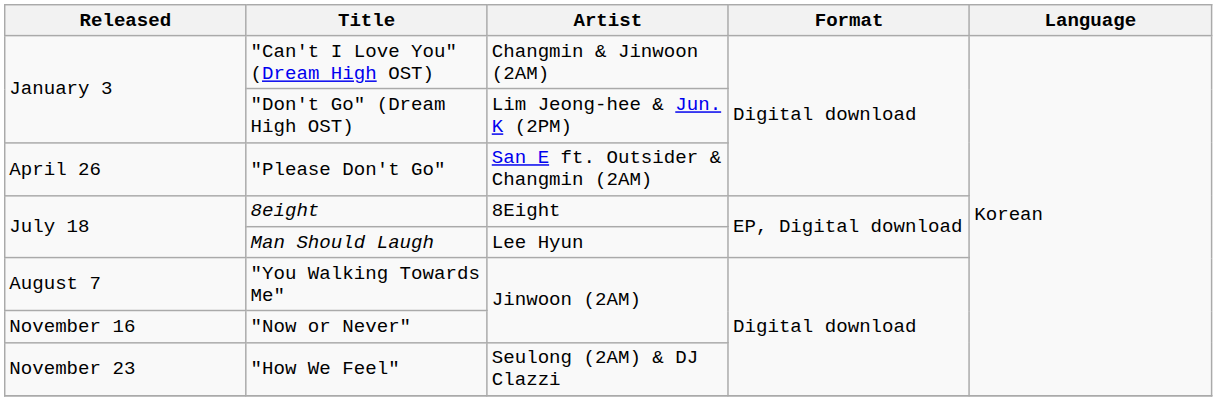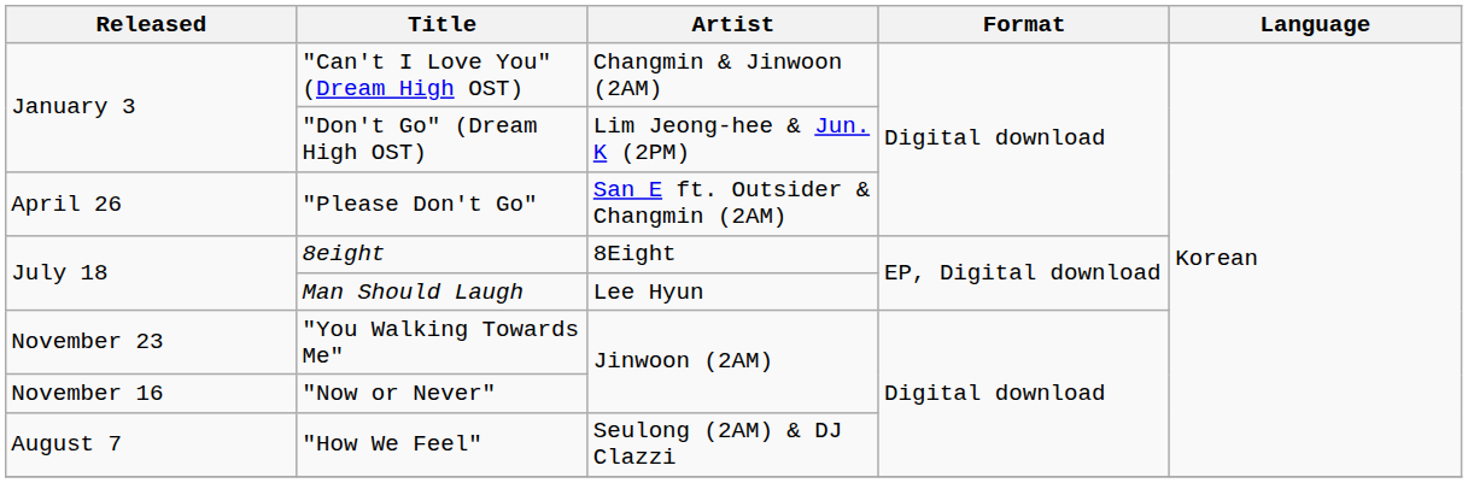 <table class="wikitable sortable" align="left center" style="width:65%;">
 <tr>
 <th style="width:20%;">Released</th>
 <th style="width:20%;">Title</th>
 <th style="width:20%;">Artist</th>
 <th style="width:20%;">Format</th>
 <th style="width:20%;">Language</th>
 </tr>
 <tr>
 <td rowspan="2">January 3</td>
 <td>"Can't I Love You" (<a href='#'>Dream High</a> OST)</td>
 <td>Changmin & Jinwoon (2AM)</td>
 <td rowspan="3">Digital download</td>
 <td rowspan="8">Korean</td>
 </tr>
 <tr>
 <td>"Don't Go" (Dream High OST)</td>
 <td>Lim Jeong-hee & <a href='#'>Jun. K</a> (2PM)</td>
 </tr>
 <tr>
 <td>April 26</td>
 <td>"Please Don't Go"</td>
 <td><a href='#'>San E</a> ft. Outsider & Changmin (2AM)</td>
 </tr>
 <tr>
 <td rowspan="2">July 18</td>
 <td><em>8eight</em></td>
 <td>8Eight</td>
 <td rowspan="2">EP, Digital download</td>
 </tr>
 <tr>
 <td><em>Man Should Laugh</em></td>
 <td>Lee Hyun</td>
 </tr>
 <tr>
-<td>August 7</td>
+<td>November 23</td>
 <td>"You Walking Towards Me"</td>
 <td rowspan="2">Jinwoon (2AM)</td>
 <td rowspan="3">Digital download</td>
 </tr>
 <tr>
 <td>November 16</td>
 <td>"Now or Never"</td>
 </tr>
 <tr>
-<td>November 23</td>
+<td>August 7</td>
 <td>"How We Feel"</td>
 <td rowspan="1">Seulong (2AM) & DJ Clazzi</td>
 </tr>
 <tr>
 </tr>
 </table>
